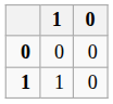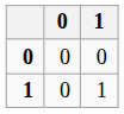 <table class="wikitable" style="margin:1em auto;">
 <tr>
 <th> </th>
+<th> 0 </th>
 <th> 1 </th>
-<th> 0 </th>
 </tr>
 <tr>
 <td>  <strong>0</strong> </td>
 <td>  0 </td>
 <td>  0 </td>
 </tr>
 <tr>
 <td>  <strong>1</strong> </td>
+<td>  0 </td>
 <td>  1 </td>
-<td>  0 </td>
 </tr>
 </table>
